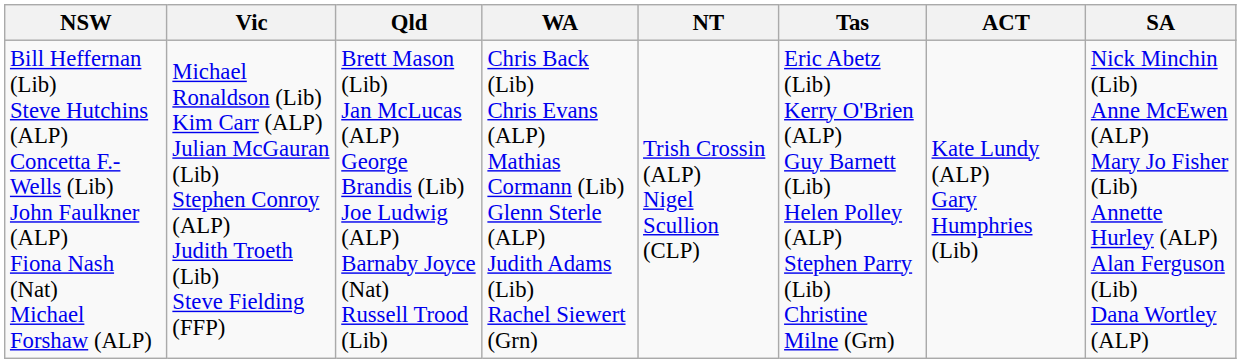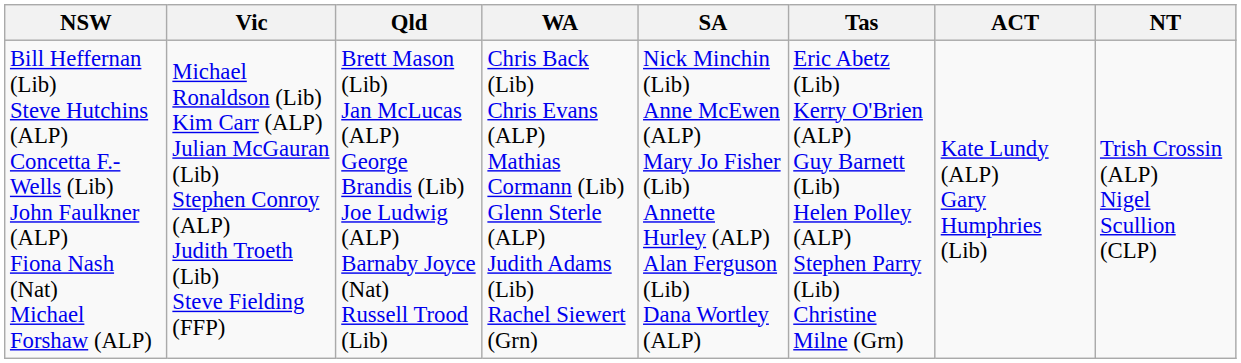 <table class="wikitable">
 <tr>
 <th align=center>NSW</th>
 <th align=center>Vic</th>
 <th align=center>Qld</th>
 <th align=center>WA</th>
-<th align=center>NT</th>
+<th align=center>SA</th>
 <th align=center>Tas</th>
 <th align=center>ACT</th>
-<th align=center>SA</th>
+<th align=center>NT</th>
 </tr>
 <tr>
 <td><a href='#'>Bill Heffernan</a> (Lib)<br><a href='#'>Steve Hutchins</a> (ALP)<br><a href='#'>Concetta F.-Wells</a> (Lib)<br><a href='#'>John Faulkner</a> (ALP)<br><a href='#'>Fiona Nash</a> (Nat)<br><a href='#'>Michael Forshaw</a> (ALP)</td>
 <td><a href='#'>Michael Ronaldson</a> (Lib)<br><a href='#'>Kim Carr</a> (ALP)<br><a href='#'>Julian McGauran</a> (Lib)<br><a href='#'>Stephen Conroy</a> (ALP)<br><a href='#'>Judith Troeth</a> (Lib)<br><a href='#'>Steve Fielding</a> (FFP)</td>
 <td><a href='#'>Brett Mason</a> (Lib)<br><a href='#'>Jan McLucas</a> (ALP)<br><a href='#'>George Brandis</a> (Lib)<br><a href='#'>Joe Ludwig</a> (ALP)<br><a href='#'>Barnaby Joyce</a> (Nat)<br><a href='#'>Russell Trood</a> (Lib)</td>
 <td><a href='#'>Chris Back</a> (Lib)<br><a href='#'>Chris Evans</a> (ALP)<br><a href='#'>Mathias Cormann</a> (Lib)<br><a href='#'>Glenn Sterle</a> (ALP)<br><a href='#'>Judith Adams</a> (Lib)<br><a href='#'>Rachel Siewert</a> (Grn)</td>
-<td><a href='#'>Trish Crossin</a> (ALP)<br><a href='#'>Nigel Scullion</a> (CLP)</td>
+<td><a href='#'>Nick Minchin</a> (Lib)<br><a href='#'>Anne McEwen</a> (ALP)<br><a href='#'>Mary Jo Fisher</a> (Lib)<br><a href='#'>Annette Hurley</a> (ALP)<br><a href='#'>Alan Ferguson</a> (Lib)<br><a href='#'>Dana Wortley</a> (ALP)</td>
 <td><a href='#'>Eric Abetz</a> (Lib)<br><a href='#'>Kerry O'Brien</a> (ALP)<br><a href='#'>Guy Barnett</a> (Lib)<br><a href='#'>Helen Polley</a> (ALP)<br><a href='#'>Stephen Parry</a> (Lib)<br><a href='#'>Christine Milne</a> (Grn)</td>
 <td><a href='#'>Kate Lundy</a> (ALP)<br><a href='#'>Gary Humphries</a> (Lib)</td>
-<td><a href='#'>Nick Minchin</a> (Lib)<br><a href='#'>Anne McEwen</a> (ALP)<br><a href='#'>Mary Jo Fisher</a> (Lib)<br><a href='#'>Annette Hurley</a> (ALP)<br><a href='#'>Alan Ferguson</a> (Lib)<br><a href='#'>Dana Wortley</a> (ALP)</td>
+<td><a href='#'>Trish Crossin</a> (ALP)<br><a href='#'>Nigel Scullion</a> (CLP)</td>
 </tr>
 </table>
